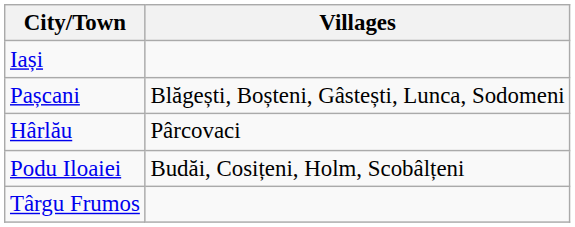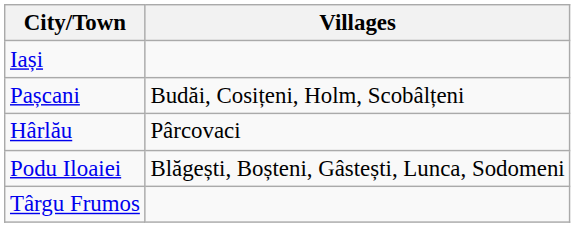 <table class="wikitable">
 <tr>
 <th colspan=1>City/Town</th>
 <th colspan=3>Villages</th>
 </tr>
 <tr>
 <td><a href='#'>Iași</a></td>
 <td></td>
 </tr>
 <tr>
 <td><a href='#'>Pașcani</a></td>
-<td>Blăgești, Boșteni, Gâstești, Lunca, Sodomeni</td>
+<td>Budăi, Cosițeni, Holm, Scobâlțeni</td>
 </tr>
 <tr>
 <td><a href='#'>Hârlău</a></td>
 <td>Pârcovaci</td>
 </tr>
 <tr>
 <td><a href='#'>Podu Iloaiei</a></td>
-<td>Budăi, Cosițeni, Holm, Scobâlțeni</td>
+<td>Blăgești, Boșteni, Gâstești, Lunca, Sodomeni</td>
 </tr>
 <tr>
 <td><a href='#'>Târgu Frumos</a></td>
 <td></td>
 </tr>
 </table>
